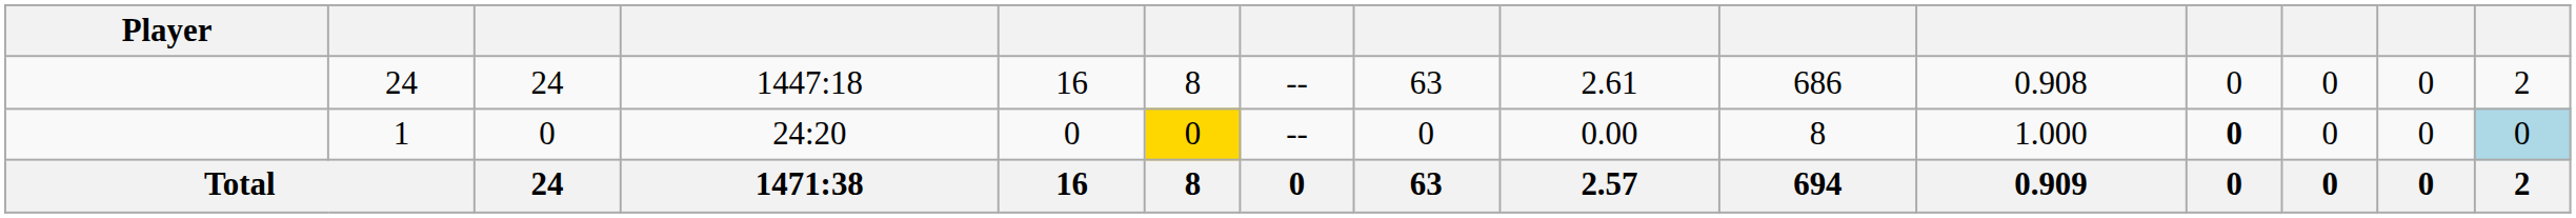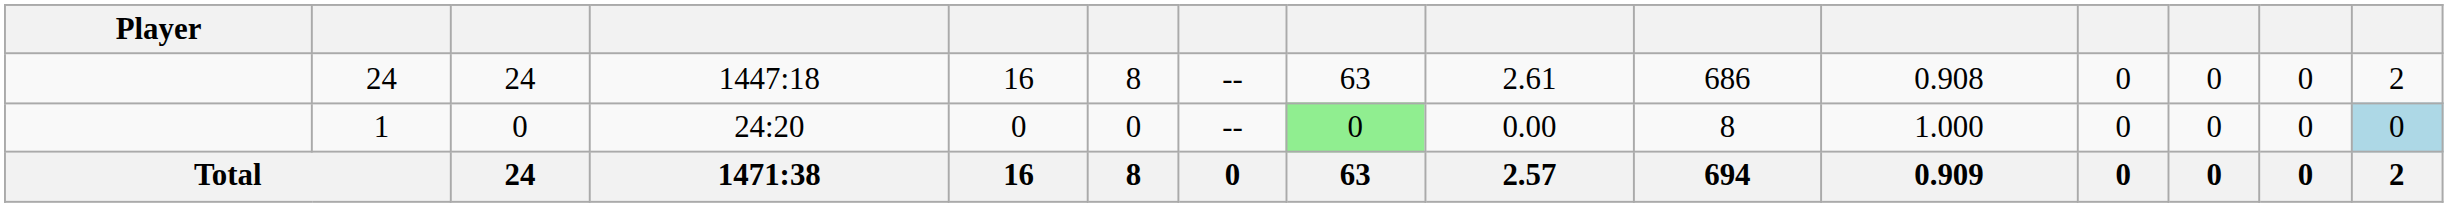 <table class="wikitable sortable" style="width:100%; text-align:center;">
 <tr>
 <th>Player</th>
 <th></th>
 <th></th>
 <th></th>
 <th></th>
 <th></th>
 <th></th>
 <th></th>
 <th></th>
 <th></th>
 <th></th>
 <th></th>
 <th></th>
 <th></th>
 <th></th>
 </tr>
 <tr>
 <td></td>
 <td>24</td>
 <td>24</td>
 <td>1447:18</td>
 <td>16</td>
 <td>8</td>
 <td>--</td>
 <td>63</td>
 <td>2.61</td>
 <td>686</td>
 <td>0.908</td>
 <td>0</td>
 <td>0</td>
 <td>0</td>
 <td>2</td>
 </tr>
 <tr>
 <td></td>
 <td>1</td>
 <td>0</td>
 <td>24:20</td>
 <td>0</td>
-<td style="background: gold;">0</td>
+<td>0</td>
 <td>--</td>
-<td>0</td>
+<td style="background: lightgreen;">0</td>
 <td>0.00</td>
 <td>8</td>
 <td>1.000</td>
-<td><strong>0</strong></td>
+<td>0</td>
 <td>0</td>
 <td>0</td>
 <td style="background: lightblue;">0</td>
 </tr>
 <tr class="sortbottom">
 <th colspan=2>Total</th>
 <th>24</th>
 <th>1471:38</th>
 <th>16</th>
 <th>8</th>
 <th>0</th>
 <th>63</th>
 <th>2.57</th>
 <th>694</th>
 <th>0.909</th>
 <th>0</th>
 <th>0</th>
 <th>0</th>
 <th>2</th>
 </tr>
 </table>
